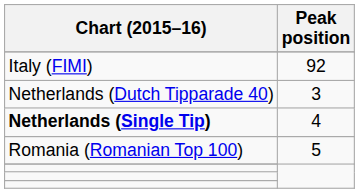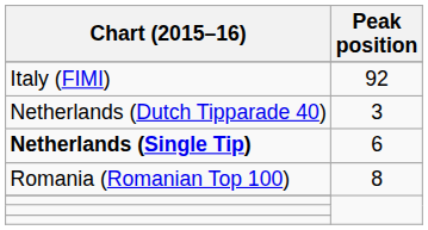 <table class="wikitable sortable">
 <tr>
 <th>Chart (2015–16)</th>
 <th>Peak<br>position</th>
 </tr>
 <tr>
 </tr>
 <tr>
 </tr>
 <tr>
 </tr>
 <tr>
 <td>Italy (<a href='#'>FIMI</a>)</td>
 <td align="center">92</td>
 </tr>
 <tr>
 <td>Netherlands (<a href='#'>Dutch Tipparade 40</a>)</td>
 <td align="center">3</td>
 </tr>
 <tr>
 <td><strong>Netherlands (<a href='#'>Single Tip</a>)</strong></td>
-<td align="center">4</td>
+<td align="center">6</td>
 </tr>
 <tr>
 </tr>
 <tr>
 <td>Romania (<a href='#'>Romanian Top 100</a>)</td>
-<td align="center">5</td>
+<td align="center">8</td>
 </tr>
 <tr>
 </tr>
 <tr>
 </tr>
 <tr>
 <td></td>
 </tr>
 <tr>
 <td></td>
 </tr>
 <tr>
 </tr>
 <tr>
 </tr>
 <tr>
 <td></td>
 </tr>
 </table>
